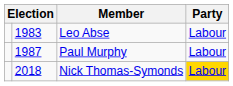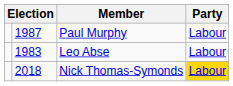 <table class="wikitable">
 <tr>
 <th colspan="2">Election</th>
 <th>Member</th>
 <th>Party</th>
+</tr>
+<tr>
+<td style="color:inherit;background-color: "></td>
+<td><a href='#'>1987</a></td>
+<td><a href='#'>Paul Murphy</a></td>
+<td><a href='#'>Labour</a></td>
 </tr>
 <tr>
 <td style="color:inherit;background-color: "></td>
 <td><a href='#'>1983</a></td>
 <td><a href='#'>Leo Abse</a></td>
 <td><a href='#'>Labour</a></td>
 </tr>
 <tr>
 <td style="color:inherit;background-color: "></td>
-<td><a href='#'>1987</a></td>
-<td><a href='#'>Paul Murphy</a></td>
-<td><a href='#'>Labour</a></td>
-</tr>
-<tr>
-<td style="color:inherit;background-color: "></td>
 <td><a href='#'>2018</a></td>
 <td><a href='#'>Nick Thomas-Symonds</a></td>
 <td style="background: gold;"><a href='#'>Labour</a></td>
 </tr>
 </table>
